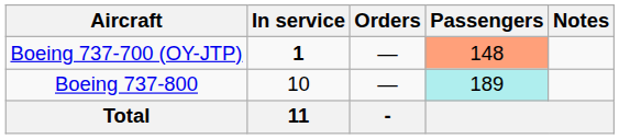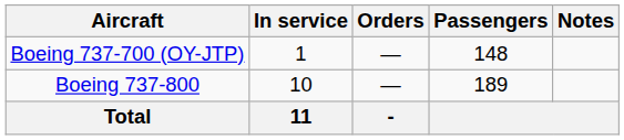 <table class="wikitable" style="margin:1em auto; border-collapse:collapse;text-align:center">
 <tr>
 <th>Aircraft</th>
 <th>In service</th>
 <th>Orders</th>
 <th>Passengers</th>
 <th>Notes</th>
 </tr>
 <tr>
 <td><a href='#'>Boeing 737-700 (OY-JTP)</a></td>
-<td><strong>1</strong></td>
+<td>1</td>
 <td>—</td>
-<td style="background: lightsalmon;">148</td>
+<td>148</td>
 <td></td>
 </tr>
 <tr>
 <td><a href='#'>Boeing 737-800</a></td>
 <td>10</td>
 <td>—</td>
-<td style="background: paleturquoise;">189</td>
+<td>189</td>
 <td></td>
 </tr>
 <tr>
 <th>Total</th>
 <th>11</th>
 <th>-</th>
 <th colspan="3"></th>
 </tr>
 </table>
